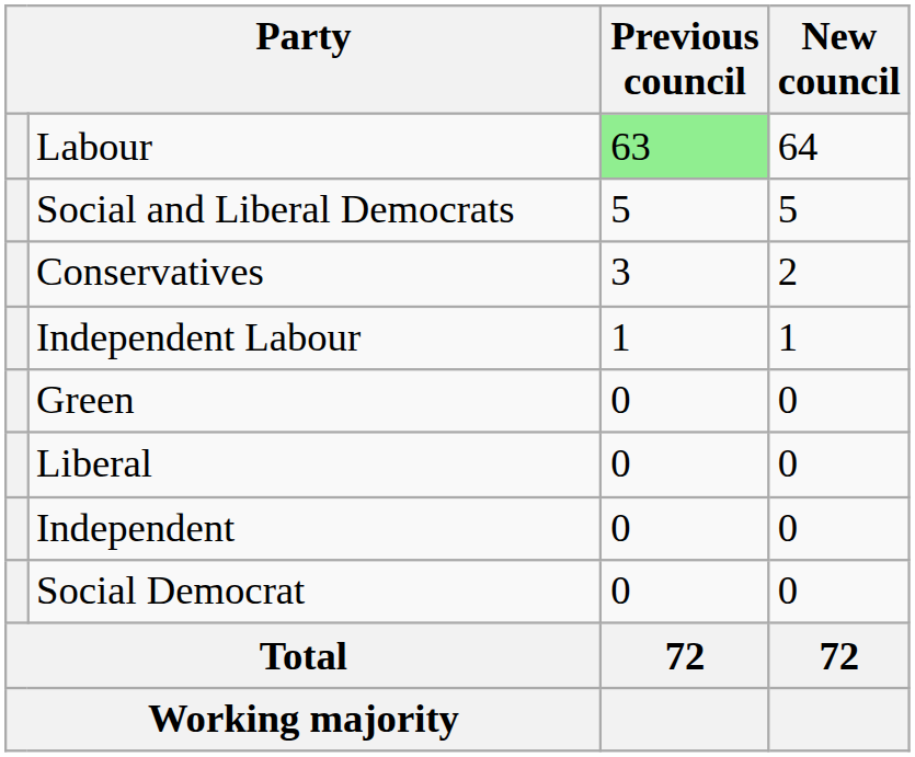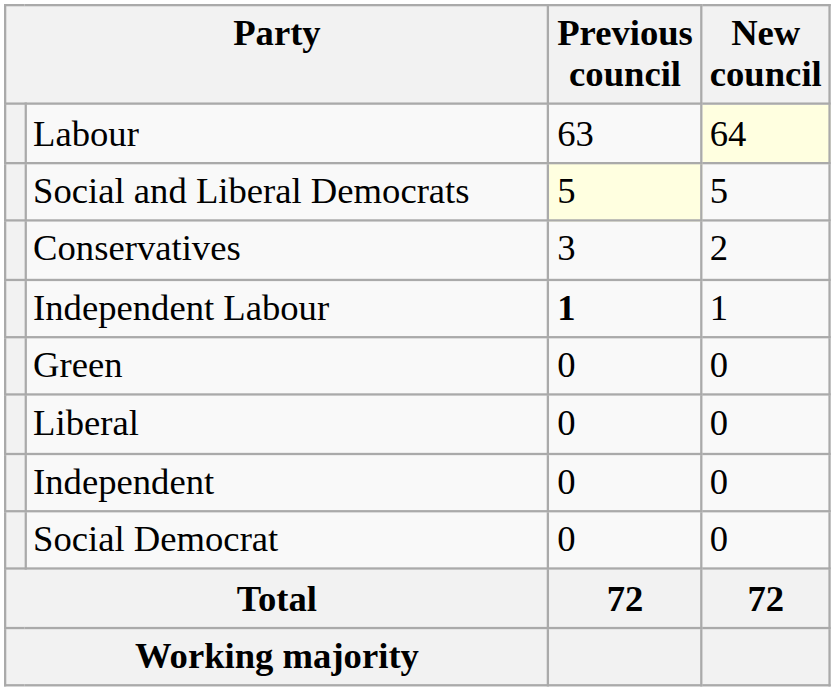 <table class="wikitable">
 <tr>
 <th valign=top colspan="2" style="width: 230px">Party</th>
 <th valign=top style="width: 30px">Previous council</th>
 <th valign=top style="width: 30px">New council</th>
 </tr>
 <tr>
 <th style="background-color: "></th>
 <td>Labour</td>
-<td style="background: lightgreen;">63</td>
-<td>64</td>
+<td>63</td>
+<td style="background: lightyellow;">64</td>
 </tr>
 <tr>
 <th style="background-color: "></th>
 <td>Social and Liberal Democrats</td>
-<td>5</td>
+<td style="background: lightyellow;">5</td>
 <td>5</td>
 </tr>
 <tr>
 <th style="background-color: "></th>
 <td>Conservatives</td>
 <td>3</td>
 <td>2</td>
 </tr>
 <tr>
 <th style="background-color: "></th>
 <td>Independent Labour</td>
-<td>1</td>
+<td><strong>1</strong></td>
 <td>1</td>
 </tr>
 <tr>
 <th style="background-color: "></th>
 <td>Green</td>
 <td>0</td>
 <td>0</td>
 </tr>
 <tr>
 <th style="background-color: "></th>
 <td>Liberal</td>
 <td>0</td>
 <td>0</td>
 </tr>
 <tr>
 <th style="background-color: "></th>
 <td>Independent</td>
 <td>0</td>
 <td>0</td>
 </tr>
 <tr>
 <th style="background-color: "></th>
 <td>Social Democrat</td>
 <td>0</td>
 <td>0</td>
 </tr>
 <tr>
 <th colspan=2>Total</th>
 <th style="text-align: center">72</th>
 <th colspan=3>72</th>
 </tr>
 <tr>
 <th colspan=2>Working majority</th>
 <th></th>
 <th></th>
 </tr>
 </table>
